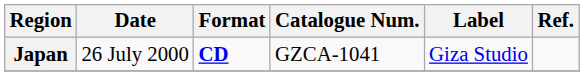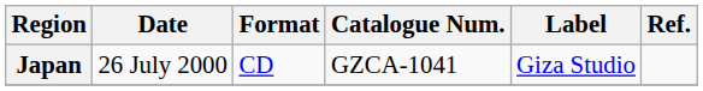 <table class="wikitable sortable plainrowheaders">
 <tr>
 <th scope="col">Region</th>
 <th scope="col">Date</th>
 <th scope="col">Format</th>
 <th scope="col">Catalogue Num.</th>
 <th scope="col">Label</th>
 <th scope="col">Ref.</th>
 </tr>
 <tr>
 <th scope="row">Japan</th>
 <td>26 July 2000</td>
-<td><strong><a href='#'>CD</a></strong></td>
+<td><a href='#'>CD</a></td>
 <td>GZCA-1041</td>
 <td><a href='#'>Giza Studio</a></td>
 <td></td>
 </tr>
 <tr>
 </tr>
 </table>
